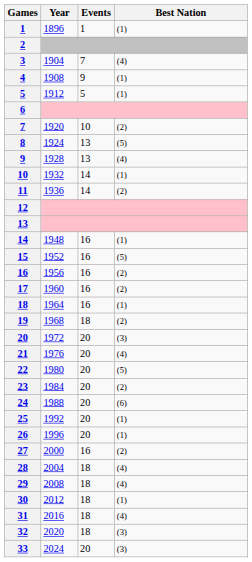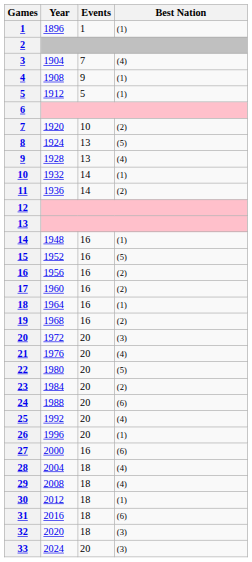 <table class="wikitable defaultcenter col4left sticky-table-row1" style="display:inline-table;">
 <tr>
 <th scope="col" width=50>Games</th>
 <th scope="col" width=50>Year</th>
 <th scope="col" width=50>Events</th>
 <th scope="col" width=200>Best Nation</th>
 </tr>
 <tr>
 <th scope="row"><a href='#'>1</a></th>
 <td><a href='#'>1896</a></td>
 <td>1</td>
 <td> <small>(1)</small></td>
 </tr>
 <tr>
 <th scope="row"><a href='#'>2</a></th>
 <td colspan=4 style="background: silver"></td>
 </tr>
 <tr>
 <th scope="row"><a href='#'>3</a></th>
 <td><a href='#'>1904</a></td>
 <td>7</td>
 <td> <small>(4)</small></td>
 </tr>
 <tr>
 <th scope="row"><a href='#'>4</a></th>
 <td><a href='#'>1908</a></td>
 <td>9</td>
 <td> <small>(1)</small></td>
 </tr>
 <tr>
 <th scope="row"><a href='#'>5</a></th>
 <td><a href='#'>1912</a></td>
 <td>5</td>
 <td> <small>(1)</small></td>
 </tr>
 <tr>
 <th scope="row"><a href='#'>6</a></th>
 <td colspan=4 style="background: pink"></td>
 </tr>
 <tr>
 <th scope="row"><a href='#'>7</a></th>
 <td><a href='#'>1920</a></td>
 <td>10</td>
 <td> <small>(2)</small></td>
 </tr>
 <tr>
 <th scope="row"><a href='#'>8</a></th>
 <td><a href='#'>1924</a></td>
 <td>13</td>
 <td> <small>(5)</small></td>
 </tr>
 <tr>
 <th scope="row"><a href='#'>9</a></th>
 <td><a href='#'>1928</a></td>
 <td>13</td>
 <td> <small>(4)</small></td>
 </tr>
 <tr>
 <th scope="row"><a href='#'>10</a></th>
 <td><a href='#'>1932</a></td>
 <td>14</td>
 <td> <small>(1)</small></td>
 </tr>
 <tr>
 <th scope="row"><a href='#'>11</a></th>
 <td><a href='#'>1936</a></td>
 <td>14</td>
 <td> <small>(2)</small></td>
 </tr>
 <tr>
 <th scope="row"><a href='#'>12</a></th>
 <td colspan=4 style="background: pink"></td>
 </tr>
 <tr>
 <th scope="row"><a href='#'>13</a></th>
 <td colspan=4 style="background: pink"></td>
 </tr>
 <tr>
 <th scope="row"><a href='#'>14</a></th>
 <td><a href='#'>1948</a></td>
 <td>16</td>
 <td> <small>(1)</small></td>
 </tr>
 <tr>
 <th scope="row"><a href='#'>15</a></th>
 <td><a href='#'>1952</a></td>
 <td>16</td>
 <td> <small>(5)</small></td>
 </tr>
 <tr>
 <th scope="row"><a href='#'>16</a></th>
 <td><a href='#'>1956</a></td>
 <td>16</td>
 <td> <small>(2)</small></td>
 </tr>
 <tr>
 <th scope="row"><a href='#'>17</a></th>
 <td><a href='#'>1960</a></td>
 <td>16</td>
 <td> <small>(2)</small></td>
 </tr>
 <tr>
 <th scope="row"><a href='#'>18</a></th>
 <td><a href='#'>1964</a></td>
 <td>16</td>
 <td> <small>(1)</small></td>
 </tr>
 <tr>
 <th scope="row"><a href='#'>19</a></th>
 <td><a href='#'>1968</a></td>
-<td>18</td>
+<td>16</td>
 <td> <small>(2)</small></td>
 </tr>
 <tr>
 <th scope="row"><a href='#'>20</a></th>
 <td><a href='#'>1972</a></td>
 <td>20</td>
 <td> <small>(3)</small></td>
 </tr>
 <tr>
 <th scope="row"><a href='#'>21</a></th>
 <td><a href='#'>1976</a></td>
 <td>20</td>
 <td> <small>(4)</small></td>
 </tr>
 <tr>
 <th scope="row"><a href='#'>22</a></th>
 <td><a href='#'>1980</a></td>
 <td>20</td>
 <td> <small>(5)</small></td>
 </tr>
 <tr>
 <th scope="row"><a href='#'>23</a></th>
 <td><a href='#'>1984</a></td>
 <td>20</td>
 <td> <small>(2)</small></td>
 </tr>
 <tr>
 <th scope="row"><a href='#'>24</a></th>
 <td><a href='#'>1988</a></td>
 <td>20</td>
 <td> <small>(6)</small></td>
 </tr>
 <tr>
 <th scope="row"><a href='#'>25</a></th>
 <td><a href='#'>1992</a></td>
 <td>20</td>
-<td> <small>(1)</small></td>
+<td> <small>(4)</small></td>
 </tr>
 <tr>
 <th scope="row"><a href='#'>26</a></th>
 <td><a href='#'>1996</a></td>
 <td>20</td>
 <td> <small>(1)</small></td>
 </tr>
 <tr>
 <th scope="row"><a href='#'>27</a></th>
 <td><a href='#'>2000</a></td>
 <td>16</td>
-<td> <small>(2)</small></td>
+<td> <small>(6)</small></td>
 </tr>
 <tr>
 <th scope="row"><a href='#'>28</a></th>
 <td><a href='#'>2004</a></td>
 <td>18</td>
 <td> <small>(4)</small></td>
 </tr>
 <tr>
 <th scope="row"><a href='#'>29</a></th>
 <td><a href='#'>2008</a></td>
 <td>18</td>
 <td> <small>(4)</small></td>
 </tr>
 <tr>
 <th scope="row"><a href='#'>30</a></th>
 <td><a href='#'>2012</a></td>
 <td>18</td>
 <td> <small>(1)</small></td>
 </tr>
 <tr>
 <th scope="row"><a href='#'>31</a></th>
 <td><a href='#'>2016</a></td>
 <td>18</td>
-<td> <small>(4)</small></td>
+<td> <small>(6)</small></td>
 </tr>
 <tr>
 <th scope="row"><a href='#'>32</a></th>
 <td><a href='#'>2020</a></td>
 <td>18</td>
 <td> <small>(3)</small></td>
 </tr>
 <tr>
 <th scope="row"><a href='#'>33</a></th>
 <td><a href='#'>2024</a></td>
 <td>20</td>
 <td> <small>(3)</small></td>
 </tr>
 </table>
